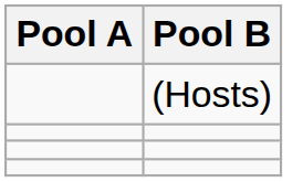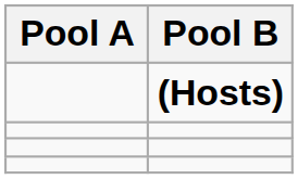 <table class="wikitable">
 <tr>
 <th width=50%>Pool A</th>
 <th width=50%>Pool B</th>
 </tr>
 <tr>
 <td></td>
-<td> (Hosts)</td>
+<td><strong> (Hosts)</strong></td>
 </tr>
 <tr>
 <td></td>
 <td></td>
 </tr>
 <tr>
 <td></td>
 <td></td>
 </tr>
 <tr>
 <td></td>
 <td></td>
 </tr>
 </table>
